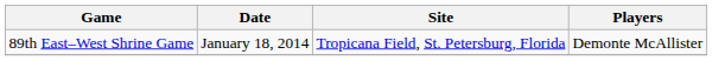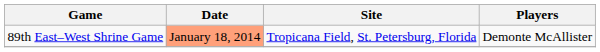 <table class="wikitable">
 <tr>
 <th>Game</th>
 <th>Date</th>
 <th>Site</th>
 <th>Players</th>
 </tr>
 <tr>
 <td>89th <a href='#'>East–West Shrine Game</a></td>
-<td>January 18, 2014</td>
+<td style="background: lightsalmon;">January 18, 2014</td>
 <td><a href='#'>Tropicana Field</a>, <a href='#'>St. Petersburg, Florida</a></td>
 <td>Demonte McAllister</td>
 </tr>
 <tr style="background: #e3e3e3;">
 </tr>
 <tr>
 </tr>
 </table>
